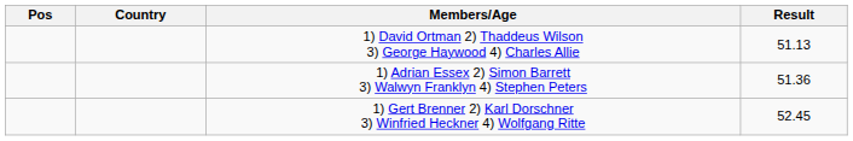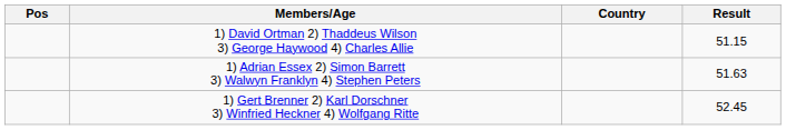 <table class="wikitable"  style="text-align:center; width:80%;">
 <tr>
 <th>Pos</th>
+<th>Members/Age</th>
 <th>Country</th>
-<th>Members/Age</th>
 <th>Result</th>
 </tr>
 <tr>
 <td align=center></td>
+<td>1) <a href='#'>David Ortman</a> 2) <a href='#'>Thaddeus Wilson</a><br>3) <a href='#'>George Haywood</a> 4) <a href='#'>Charles Allie</a></td>
 <td align=left></td>
-<td>1) <a href='#'>David Ortman</a> 2) <a href='#'>Thaddeus Wilson</a><br>3) <a href='#'>George Haywood</a> 4) <a href='#'>Charles Allie</a></td>
-<td>51.13</td>
+<td>51.15</td>
 </tr>
 <tr>
 <td align=center></td>
+<td>1) <a href='#'>Adrian Essex</a> 2) <a href='#'>Simon Barrett</a><br>3) <a href='#'>Walwyn Franklyn</a> 4) <a href='#'>Stephen Peters</a></td>
 <td align=left></td>
-<td>1) <a href='#'>Adrian Essex</a> 2) <a href='#'>Simon Barrett</a><br>3) <a href='#'>Walwyn Franklyn</a> 4) <a href='#'>Stephen Peters</a></td>
-<td>51.36</td>
+<td>51.63</td>
 </tr>
 <tr>
 <td align=center></td>
+<td>1) <a href='#'>Gert Brenner</a> 2) <a href='#'>Karl Dorschner</a><br>3) <a href='#'>Winfried Heckner</a> 4) <a href='#'>Wolfgang Ritte</a></td>
 <td align=left></td>
-<td>1) <a href='#'>Gert Brenner</a> 2) <a href='#'>Karl Dorschner</a><br>3) <a href='#'>Winfried Heckner</a> 4) <a href='#'>Wolfgang Ritte</a></td>
 <td>52.45</td>
 </tr>
 </table>
